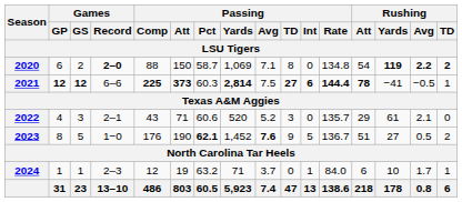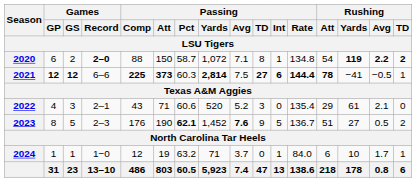 <table class="wikitable" style="text-align:center;">
 <tr>
 <th rowspan="2">Season</th>
 <th colspan="3">Games</th>
 <th colspan="8">Passing</th>
 <th colspan="5">Rushing</th>
 </tr>
 <tr>
 <th>GP</th>
 <th>GS</th>
 <th>Record</th>
 <th>Comp</th>
 <th>Att</th>
 <th>Pct</th>
 <th>Yards</th>
 <th>Avg</th>
 <th>TD</th>
 <th>Int</th>
 <th>Rate</th>
 <th>Att</th>
 <th>Yards</th>
 <th>Avg</th>
 <th>TD</th>
 </tr>
 <tr>
 <th colspan="16">LSU Tigers</th>
 </tr>
 <tr>
 <th><a href='#'>2020</a></th>
 <td>6</td>
 <td>2</td>
 <td><strong>2–0</strong></td>
 <td>88</td>
 <td>150</td>
 <td>58.7</td>
-<td>1,069</td>
+<td>1,072</td>
 <td>7.1</td>
 <td>8</td>
-<td>0</td>
+<td>1</td>
 <td>134.8</td>
 <td>54</td>
 <td><strong>119</strong></td>
 <td><strong>2.2</strong></td>
 <td><strong>2</strong></td>
 </tr>
 <tr>
 <th><a href='#'>2021</a></th>
 <td><strong>12</strong></td>
 <td><strong>12</strong></td>
 <td>6–6</td>
 <td><strong>225</strong></td>
 <td><strong>373</strong></td>
 <td>60.3</td>
 <td><strong>2,814</strong></td>
 <td>7.5</td>
 <td><strong>27</strong></td>
 <td><strong>6</strong></td>
 <td><strong>144.4</strong></td>
 <td><strong>78</strong></td>
 <td>−41</td>
 <td>−0.5</td>
 <td>1</td>
 </tr>
 <tr>
 <th colspan="16">Texas A&M Aggies</th>
 </tr>
 <tr>
 <th><a href='#'>2022</a></th>
 <td>4</td>
 <td>3</td>
 <td>2–1</td>
 <td>43</td>
 <td>71</td>
 <td>60.6</td>
 <td>520</td>
 <td>5.2</td>
 <td>3</td>
 <td>0</td>
-<td>135.7</td>
+<td>135.4</td>
 <td>29</td>
 <td>61</td>
 <td>2.1</td>
 <td>0</td>
 </tr>
 <tr>
 <th><a href='#'>2023</a></th>
 <td>8</td>
 <td>5</td>
-<td>1−0</td>
+<td>2–3</td>
 <td>176</td>
 <td>190</td>
 <td><strong>62.1</strong></td>
 <td>1,452</td>
 <td><strong>7.6</strong></td>
 <td>9</td>
 <td>5</td>
 <td>136.7</td>
 <td>51</td>
 <td>27</td>
 <td>0.5</td>
 <td>2</td>
 </tr>
 <tr>
 <th colspan="16">North Carolina Tar Heels</th>
 </tr>
 <tr>
 <th><a href='#'>2024</a></th>
 <td>1</td>
 <td>1</td>
-<td>2–3</td>
+<td>1−0</td>
 <td>12</td>
 <td>19</td>
 <td>63.2</td>
 <td>71</td>
 <td>3.7</td>
 <td>0</td>
 <td>1</td>
 <td>84.0</td>
 <td>6</td>
 <td>10</td>
 <td>1.7</td>
 <td>1</td>
 </tr>
 <tr>
 <th></th>
 <th>31</th>
 <th>23</th>
 <th>13–10</th>
 <th>486</th>
 <th>803</th>
 <th>60.5</th>
 <th>5,923</th>
 <th>7.4</th>
 <th>47</th>
 <th>13</th>
 <th>138.6</th>
 <th>218</th>
 <th>178</th>
 <th>0.8</th>
 <th>6</th>
 </tr>
 </table>
